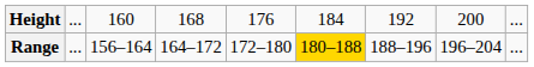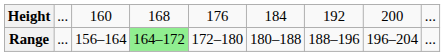 <table class="wikitable">
 <tr style="text-align:center;">
 <th>Height</th>
 <td>...</td>
 <td>160</td>
 <td>168</td>
 <td>176</td>
 <td>184</td>
 <td>192</td>
 <td>200</td>
 <td>...</td>
 </tr>
 <tr>
 <th>Range</th>
 <td>...</td>
 <td>156–164</td>
-<td>164–172</td>
+<td style="background: lightgreen;">164–172</td>
 <td>172–180</td>
-<td style="background: gold;">180–188</td>
+<td>180–188</td>
 <td>188–196</td>
 <td>196–204</td>
 <td>...</td>
 </tr>
 </table>
